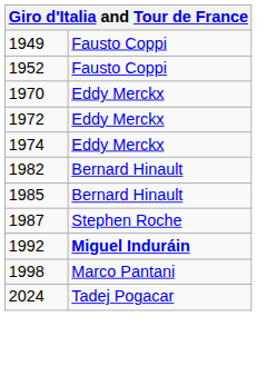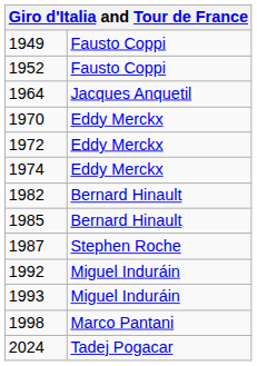 <table class="wikitable">
 <tr>
 <th colspan=2><a href='#'>Giro d'Italia</a> and <a href='#'>Tour de France</a></th>
 </tr>
 <tr>
 <td>1949</td>
 <td> <a href='#'>Fausto Coppi</a></td>
 </tr>
 <tr>
 <td>1952</td>
 <td> <a href='#'>Fausto Coppi</a></td>
+</tr>
+<tr>
+<td>1964</td>
+<td> <a href='#'>Jacques Anquetil</a></td>
 </tr>
 <tr>
 <td>1970</td>
 <td> <a href='#'>Eddy Merckx</a></td>
 </tr>
 <tr>
 <td>1972</td>
 <td> <a href='#'>Eddy Merckx</a></td>
 </tr>
 <tr>
 <td>1974</td>
 <td> <a href='#'>Eddy Merckx</a></td>
 </tr>
 <tr>
 <td>1982</td>
 <td> <a href='#'>Bernard Hinault</a></td>
 </tr>
 <tr>
 <td>1985</td>
 <td> <a href='#'>Bernard Hinault</a></td>
 </tr>
 <tr>
 <td>1987</td>
 <td> <a href='#'>Stephen Roche</a></td>
 </tr>
 <tr>
 <td>1992</td>
-<td><strong> <a href='#'>Miguel Induráin</a></strong></td>
+<td> <a href='#'>Miguel Induráin</a></td>
+</tr>
+<tr>
+<td>1993</td>
+<td> <a href='#'>Miguel Induráin</a></td>
 </tr>
 <tr>
 <td>1998</td>
 <td> <a href='#'>Marco Pantani</a></td>
 </tr>
 <tr>
 <td>2024</td>
 <td> <a href='#'>Tadej Pogacar</a></td>
 </tr>
 </table>
